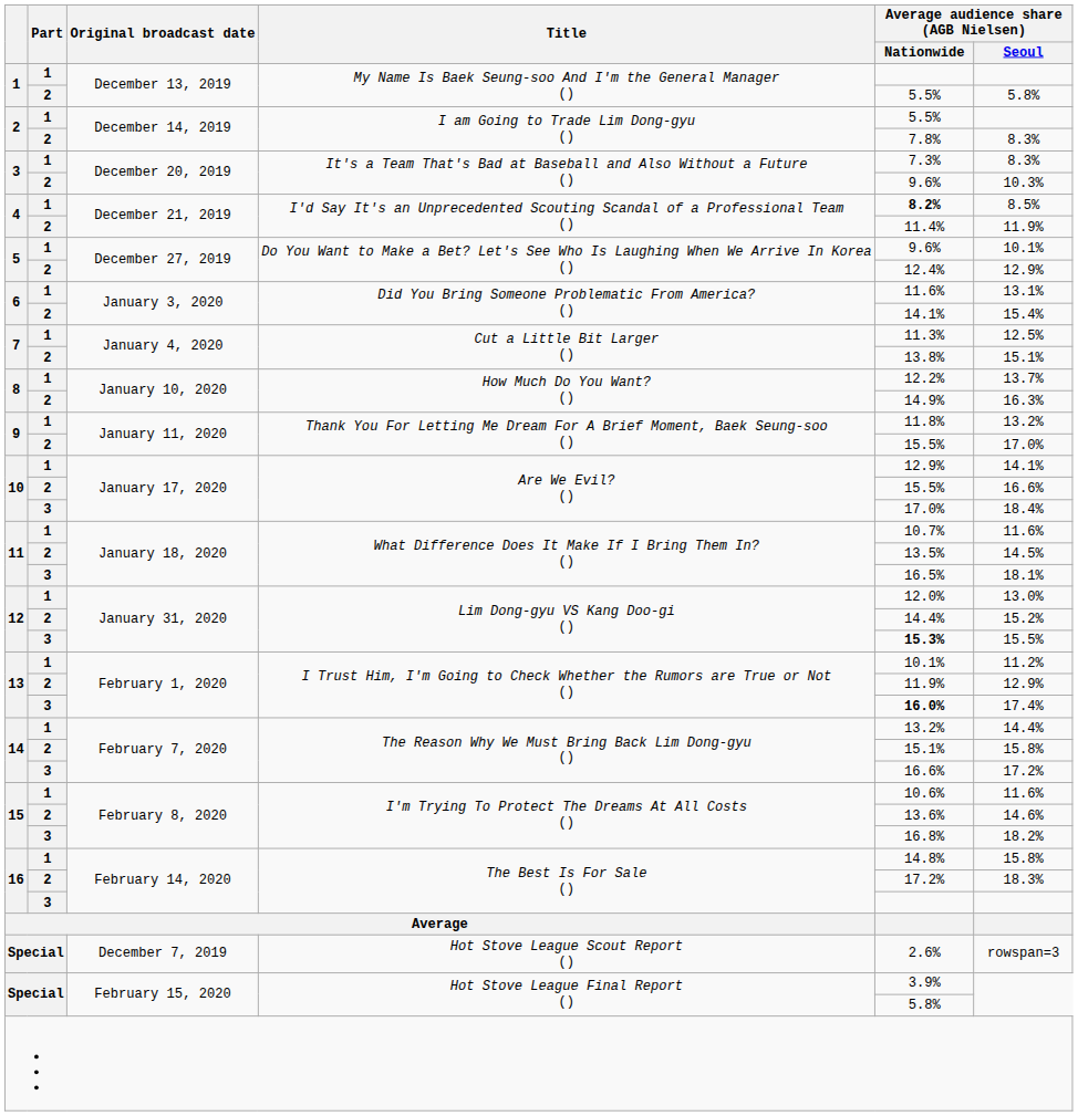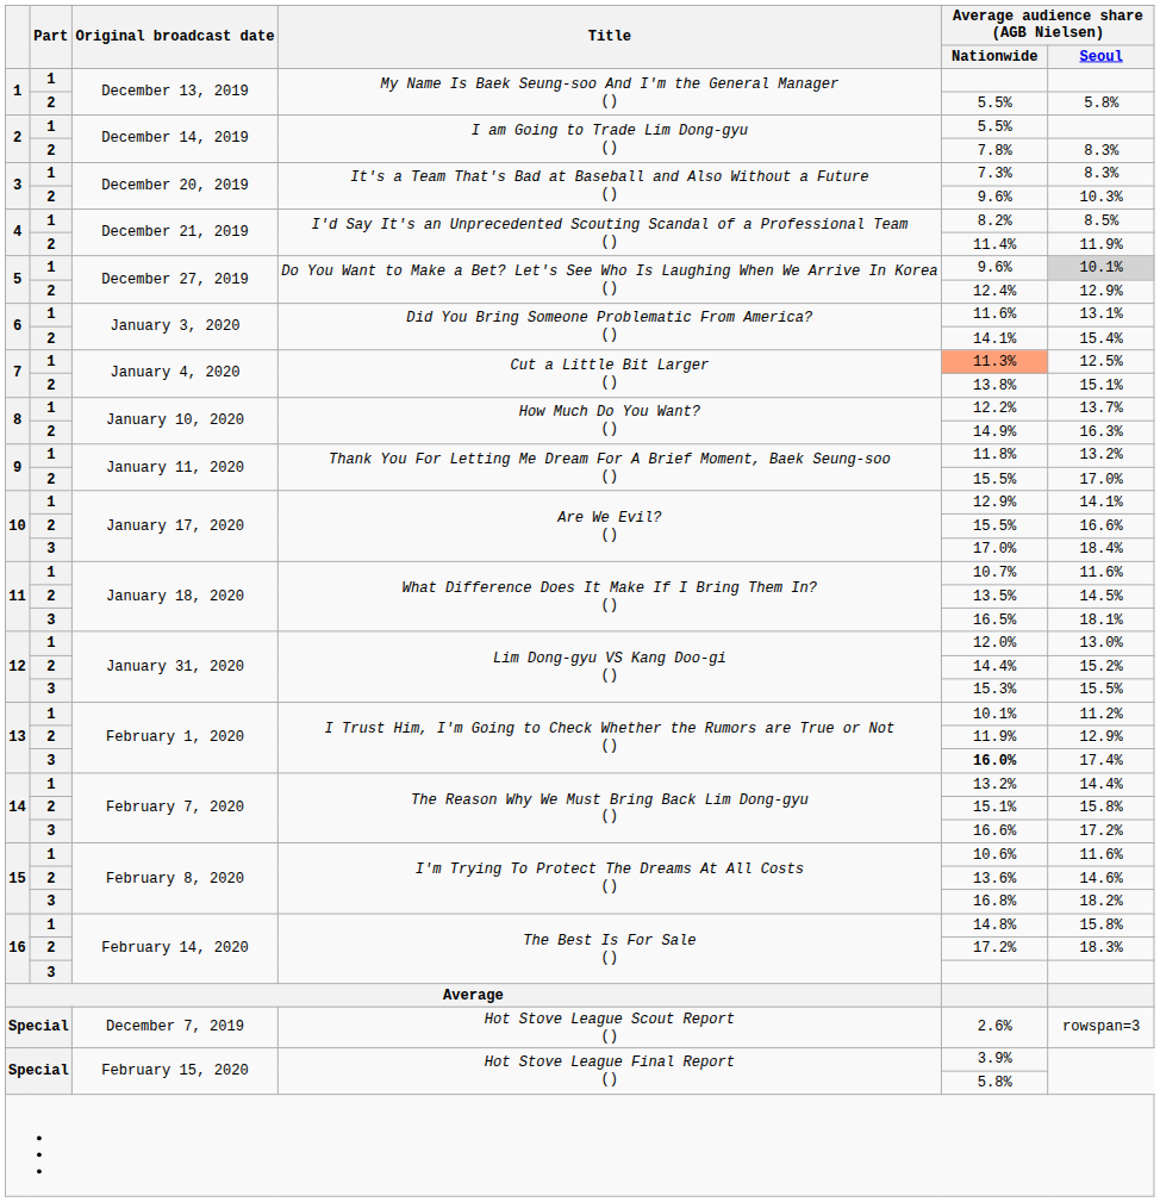 <table class="wikitable" style="text-align:center; margin-left: auto; margin-right: auto; border: none;">
 <tr>
 </tr>
 <tr>
 <th rowspan="2"></th>
 <th rowspan="2">Part</th>
 <th rowspan="2">Original broadcast date</th>
 <th rowspan="2">Title</th>
 <th colspan="2">Average audience share<br>(AGB Nielsen)</th>
 </tr>
 <tr>
 <th width="90">Nationwide</th>
 <th width="90"><a href='#'>Seoul</a></th>
 </tr>
 <tr>
 <th rowspan="2">1</th>
 <th>1</th>
 <td rowspan="2">December 13, 2019</td>
 <td rowspan="2"><em>My Name Is Baek Seung-soo And I'm the General Manager</em><br>()</td>
 <td> </td>
 <td></td>
 </tr>
 <tr>
 <th>2</th>
 <td>5.5% </td>
 <td>5.8% </td>
 </tr>
 <tr>
 <th rowspan="2">2</th>
 <th>1</th>
 <td rowspan="2">December 14, 2019</td>
 <td rowspan="2"><em>I am Going to Trade Lim Dong-gyu</em><br>()</td>
 <td>5.5% </td>
 <td></td>
 </tr>
 <tr>
 <th>2</th>
 <td>7.8% </td>
 <td>8.3% </td>
 </tr>
 <tr>
 <th rowspan="2">3</th>
 <th>1</th>
 <td rowspan="2">December 20, 2019</td>
 <td rowspan="2"><em>It's a Team That's Bad at Baseball and Also Without a Future</em><br>()</td>
 <td>7.3% </td>
 <td>8.3% </td>
 </tr>
 <tr>
 <th>2</th>
 <td>9.6% </td>
 <td>10.3% </td>
 </tr>
 <tr>
 <th rowspan="2">4</th>
 <th>1</th>
 <td rowspan="2">December 21, 2019</td>
 <td rowspan="2"><em>I'd Say It's an Unprecedented Scouting Scandal of a Professional Team</em><br>()</td>
-<td><strong>8.2% </strong></td>
+<td>8.2% </td>
 <td>8.5% </td>
 </tr>
 <tr>
 <th>2</th>
 <td>11.4% </td>
 <td>11.9% </td>
 </tr>
 <tr>
 <th rowspan="2">5</th>
 <th>1</th>
 <td rowspan="2">December 27, 2019</td>
 <td rowspan="2"><em>Do You Want to Make a Bet? Let's See Who Is Laughing When We Arrive In Korea</em><br>()</td>
 <td>9.6% </td>
-<td>10.1% </td>
+<td style="background: lightgrey;">10.1% </td>
 </tr>
 <tr>
 <th>2</th>
 <td>12.4% </td>
 <td>12.9% </td>
 </tr>
 <tr>
 <th rowspan="2">6</th>
 <th>1</th>
 <td rowspan="2">January 3, 2020</td>
 <td rowspan="2"><em>Did You Bring Someone Problematic From America?</em><br>()</td>
 <td>11.6% </td>
 <td>13.1% </td>
 </tr>
 <tr>
 <th>2</th>
 <td>14.1% </td>
 <td>15.4% </td>
 </tr>
 <tr>
 <th rowspan="2">7</th>
 <th>1</th>
 <td rowspan="2">January 4, 2020</td>
 <td rowspan="2"><em>Cut a Little Bit Larger</em><br>()</td>
-<td>11.3% </td>
+<td style="background: lightsalmon;">11.3% </td>
 <td>12.5% </td>
 </tr>
 <tr>
 <th>2</th>
 <td>13.8% </td>
 <td>15.1% </td>
 </tr>
 <tr>
 <th rowspan="2">8</th>
 <th>1</th>
 <td rowspan="2">January 10, 2020</td>
 <td rowspan="2"><em>How Much Do You Want?</em><br>()</td>
 <td>12.2% </td>
 <td>13.7% </td>
 </tr>
 <tr>
 <th>2</th>
 <td>14.9% </td>
 <td>16.3% </td>
 </tr>
 <tr>
 <th rowspan="2">9</th>
 <th>1</th>
 <td rowspan="2">January 11, 2020</td>
 <td rowspan="2"><em>Thank You For Letting Me Dream For A Brief Moment, Baek Seung-soo</em><br>()</td>
 <td>11.8% </td>
 <td>13.2% </td>
 </tr>
 <tr>
 <th>2</th>
 <td>15.5% </td>
 <td>17.0% </td>
 </tr>
 <tr>
 <th rowspan="3">10</th>
 <th>1</th>
 <td rowspan="3">January 17, 2020</td>
 <td rowspan="3"><em>Are We Evil?</em><br>()</td>
 <td>12.9% </td>
 <td>14.1% </td>
 </tr>
 <tr>
 <th>2</th>
 <td>15.5% </td>
 <td>16.6% </td>
 </tr>
 <tr>
 <th>3</th>
 <td>17.0% </td>
 <td>18.4% </td>
 </tr>
 <tr>
 <th rowspan="3">11</th>
 <th>1</th>
 <td rowspan="3">January 18, 2020</td>
 <td rowspan="3"><em>What Difference Does It Make If I Bring Them In?</em><br>()</td>
 <td>10.7% </td>
 <td>11.6% </td>
 </tr>
 <tr>
 <th>2</th>
 <td>13.5% </td>
 <td>14.5% </td>
 </tr>
 <tr>
 <th>3</th>
 <td>16.5% </td>
 <td>18.1% </td>
 </tr>
 <tr>
 <th rowspan="3">12</th>
 <th>1</th>
 <td rowspan="3">January 31, 2020</td>
 <td rowspan="3"><em>Lim Dong-gyu VS Kang Doo-gi</em><br>()</td>
 <td>12.0% </td>
 <td>13.0% </td>
 </tr>
 <tr>
 <th>2</th>
 <td>14.4% </td>
 <td>15.2% </td>
 </tr>
 <tr>
 <th>3</th>
-<td><strong>15.3% </strong></td>
+<td>15.3% </td>
 <td>15.5% </td>
 </tr>
 <tr>
 <th rowspan="3">13</th>
 <th>1</th>
 <td rowspan="3">February 1, 2020</td>
 <td rowspan="3"><em>I Trust Him, I'm Going to Check Whether the Rumors are True or Not</em><br>()</td>
 <td>10.1% </td>
 <td>11.2% </td>
 </tr>
 <tr>
 <th>2</th>
 <td>11.9% </td>
 <td>12.9% </td>
 </tr>
 <tr>
 <th>3</th>
 <td><strong>16.0% </strong></td>
 <td>17.4% </td>
 </tr>
 <tr>
 <th rowspan="3">14</th>
 <th>1</th>
 <td rowspan="3">February 7, 2020</td>
 <td rowspan="3"><em>The Reason Why We Must Bring Back Lim Dong-gyu</em><br>()</td>
 <td>13.2% </td>
 <td>14.4% </td>
 </tr>
 <tr>
 <th>2</th>
 <td>15.1% </td>
 <td>15.8% </td>
 </tr>
 <tr>
 <th>3</th>
 <td>16.6% </td>
 <td>17.2% </td>
 </tr>
 <tr>
 <th rowspan="3">15</th>
 <th>1</th>
 <td rowspan="3">February 8, 2020</td>
 <td rowspan="3"><em>I'm Trying To Protect The Dreams At All Costs</em><br>()</td>
 <td>10.6% </td>
 <td>11.6% </td>
 </tr>
 <tr>
 <th>2</th>
 <td>13.6% </td>
 <td>14.6% </td>
 </tr>
 <tr>
 <th>3</th>
 <td>16.8% </td>
 <td>18.2% </td>
 </tr>
 <tr>
 <th rowspan="3">16</th>
 <th>1</th>
 <td rowspan="3">February 14, 2020</td>
 <td rowspan="3"><em>The Best Is For Sale</em><br>()</td>
 <td>14.8% </td>
 <td>15.8% </td>
 </tr>
 <tr>
 <th>2</th>
 <td>17.2% </td>
 <td>18.3% </td>
 </tr>
 <tr>
 <th>3</th>
 <td> </td>
 <td> </td>
 </tr>
 <tr>
 <th colspan="4">Average</th>
 <th></th>
 <th></th>
 </tr>
 <tr>
 <th colspan="2">Special</th>
 <td>December 7, 2019</td>
 <td><em>Hot Stove League Scout Report</em><br>()</td>
 <td>2.6% </td>
 <td>rowspan=3 </td>
 </tr>
 <tr>
 <th colspan="2" rowspan="2">Special</th>
 <td rowspan="2">February 15, 2020</td>
 <td rowspan="2"><em>Hot Stove League Final Report</em><br>()</td>
 <td>3.9% </td>
 </tr>
 <tr>
 <td>5.8% </td>
 </tr>
 <tr>
 <td colspan="6"><br><ul><li></li><li></li><li></li></ul></td>
 </tr>
 </table>
